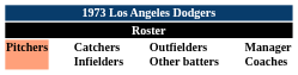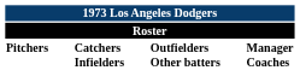 <table class="toccolours" style="font-size: 95%;">
 <tr>
 <th colspan="10" style="background-color: #083c6b; color: white; text-align: center;">1973 Los Angeles Dodgers</th>
 </tr>
 <tr>
 <td colspan="10" style="background-color: black; color: white; text-align: center;"><strong>Roster</strong></td>
 </tr>
 <tr>
-<td valign="top" style="background: lightsalmon;"><strong>Pitchers</strong><br>                             </td>
+<td valign="top"><strong>Pitchers</strong><br>                             </td>
 <td width="25px"></td>
 <td valign="top"><strong>Catchers</strong><br>   <strong>Infielders</strong>        </td>
 <td width="25px"></td>
 <td valign="top"><strong>Outfielders</strong><br>      <strong>Other batters</strong>  </td>
 <td width="25px"></td>
 <td valign="top"><strong>Manager</strong><br> <strong>Coaches</strong>     </td>
 </tr>
 </table>
